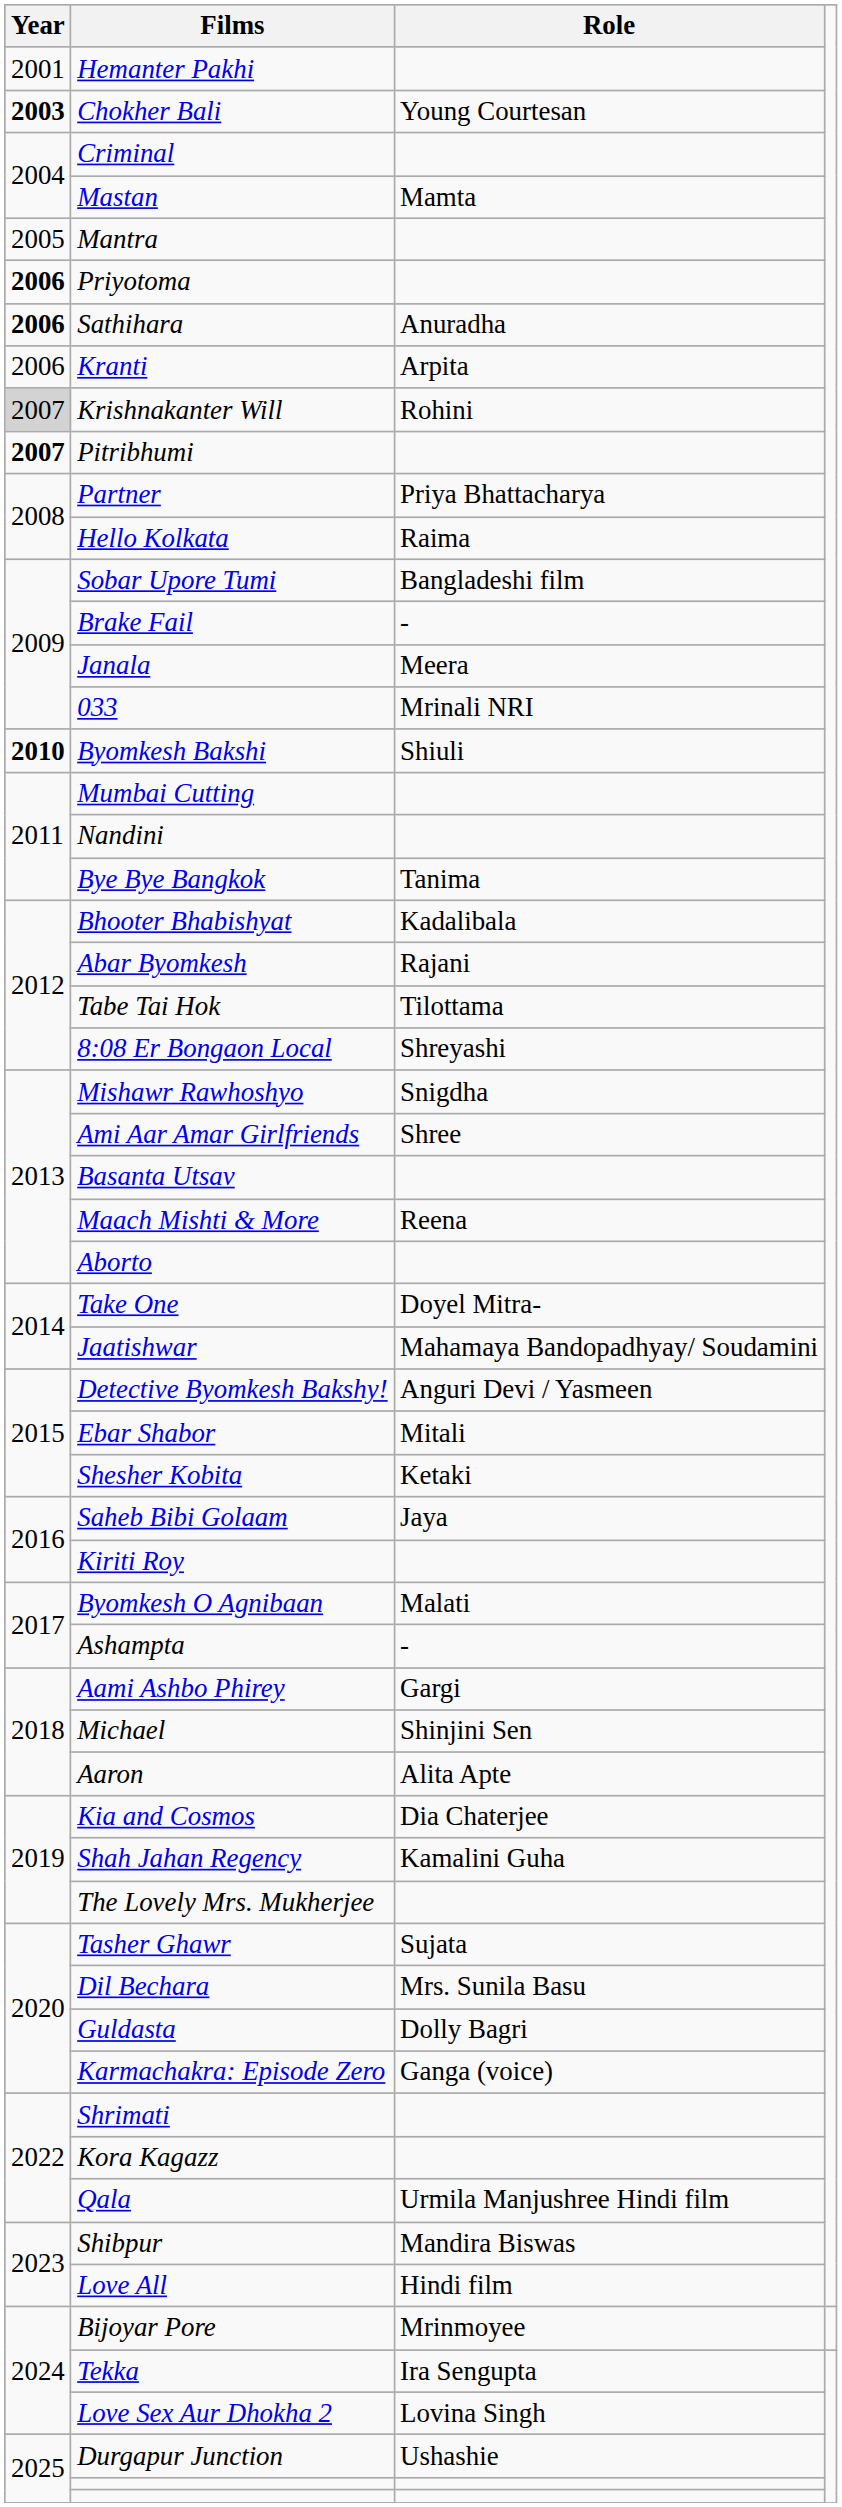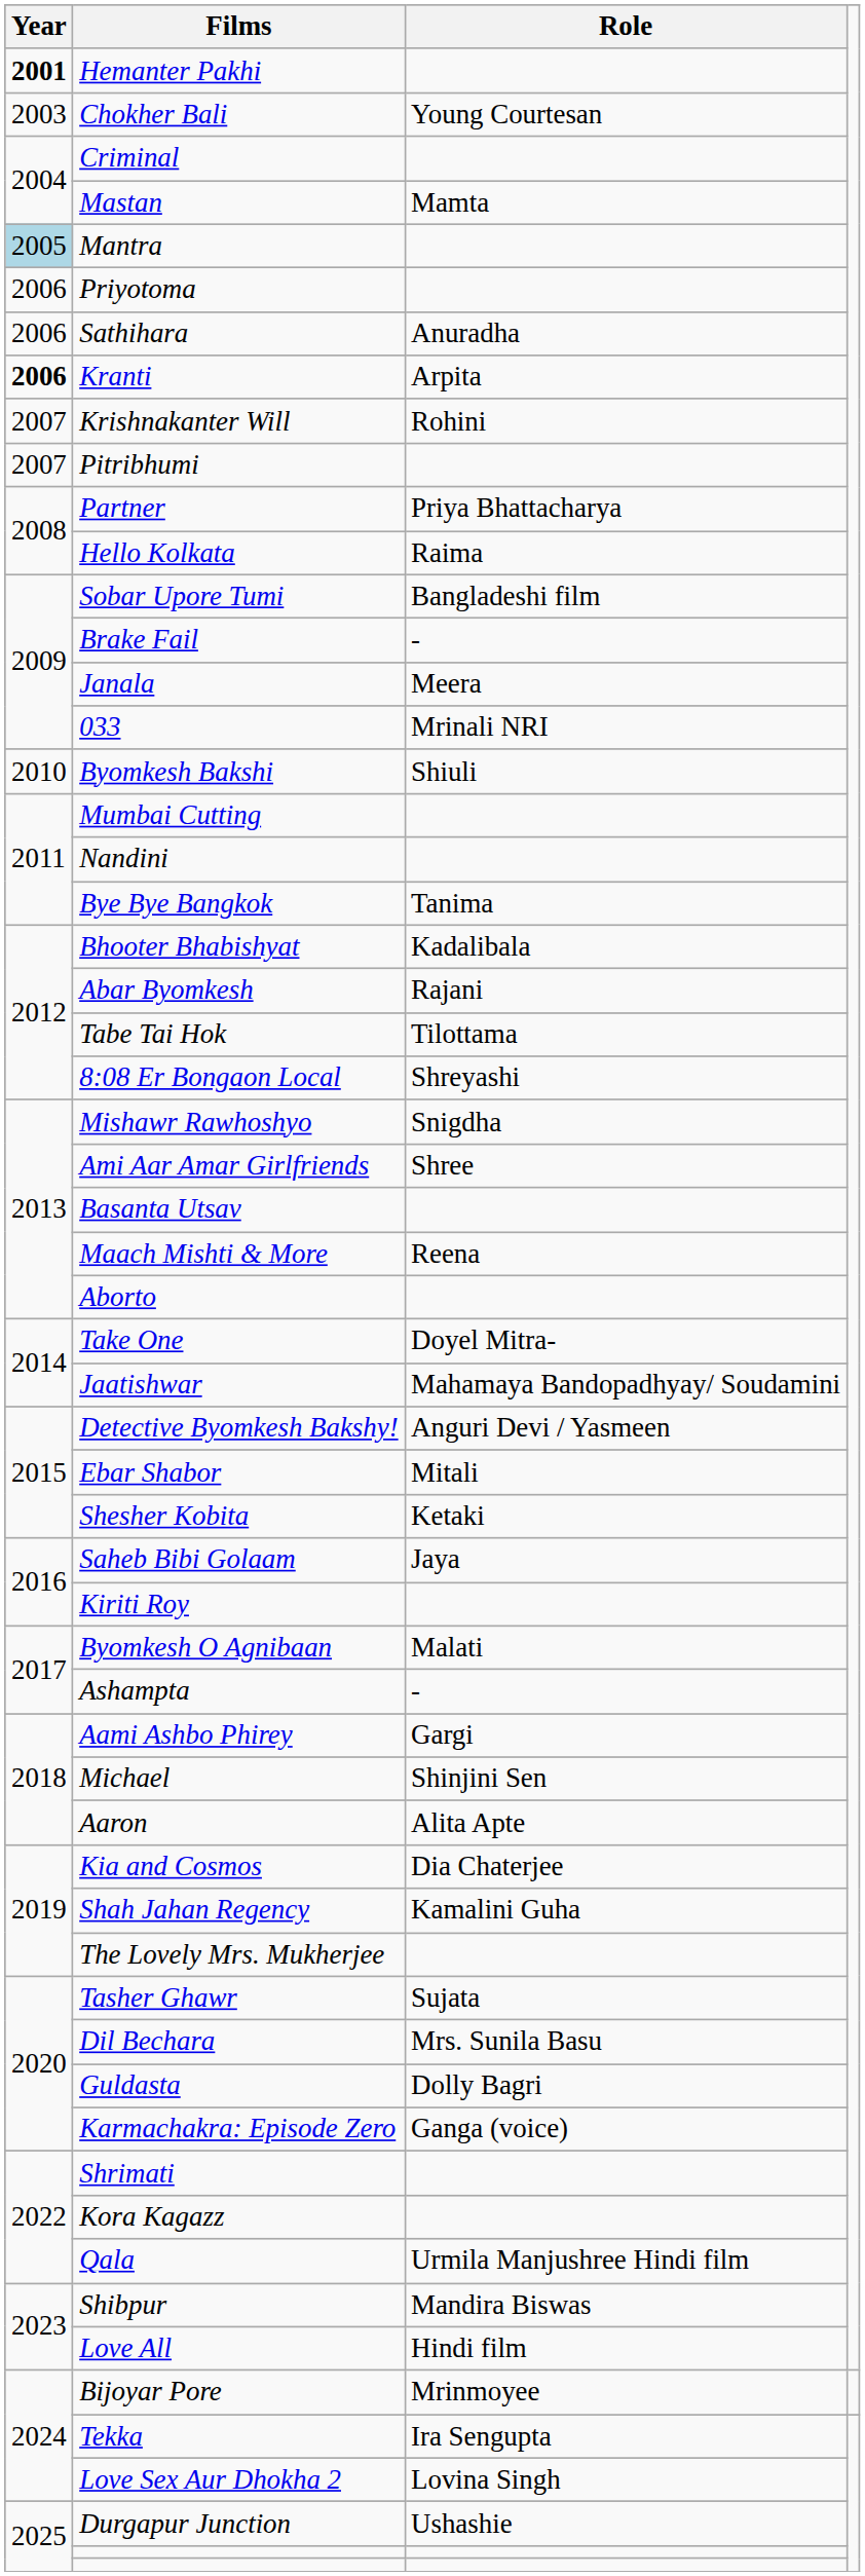 <table class="wikitable sortable">
 <tr>
 <th>Year</th>
 <th>Films</th>
 <th>Role</th>
 </tr>
 <tr>
-<td>2001</td>
+<td><strong>2001</strong></td>
 <td><em><a href='#'>Hemanter Pakhi</a></em></td>
 <td></td>
 </tr>
 <tr>
-<td rowspan="1"><strong>2003</strong></td>
+<td rowspan="1">2003</td>
 <td><em><a href='#'>Chokher Bali</a></em></td>
 <td>Young Courtesan</td>
 </tr>
 <tr>
 <td rowspan="2">2004</td>
 <td><em><a href='#'>Criminal</a></em></td>
 <td></td>
 </tr>
 <tr>
 <td><em><a href='#'>Mastan</a></em></td>
 <td>Mamta</td>
 </tr>
 <tr>
-<td rowspan="1">2005</td>
+<td rowspan="1" style="background: lightblue;">2005</td>
 <td><em>Mantra</em></td>
 <td></td>
 </tr>
 <tr>
-<td><strong>2006</strong></td>
+<td>2006</td>
 <td><em>Priyotoma</em></td>
 <td></td>
 </tr>
 <tr>
-<td><strong>2006</strong></td>
+<td>2006</td>
 <td><em>Sathihara</em></td>
 <td>Anuradha</td>
 </tr>
 <tr>
-<td>2006</td>
+<td><strong>2006</strong></td>
 <td><em><a href='#'>Kranti</a></em></td>
 <td>Arpita</td>
 </tr>
 <tr>
-<td style="background: lightgrey;">2007</td>
+<td>2007</td>
 <td><em>Krishnakanter Will</em></td>
 <td>Rohini</td>
 </tr>
 <tr>
-<td><strong>2007</strong></td>
+<td>2007</td>
 <td><em>Pitribhumi</em></td>
 <td></td>
 </tr>
 <tr>
 <td rowspan="2">2008</td>
 <td><em><a href='#'>Partner</a></em></td>
 <td>Priya Bhattacharya</td>
 </tr>
 <tr>
 <td><em><a href='#'>Hello Kolkata</a></em></td>
 <td>Raima</td>
 </tr>
 <tr>
 <td rowspan="4">2009</td>
 <td><em><a href='#'>Sobar Upore Tumi</a></em></td>
 <td>Bangladeshi film</td>
 </tr>
 <tr>
 <td><em><a href='#'>Brake Fail</a></em></td>
 <td>-</td>
 </tr>
 <tr>
 <td><em><a href='#'>Janala</a></em></td>
 <td>Meera</td>
 </tr>
 <tr>
 <td><em><a href='#'>033</a></em></td>
 <td>Mrinali NRI</td>
 </tr>
 <tr>
-<td><strong>2010</strong></td>
+<td>2010</td>
 <td><em><a href='#'>Byomkesh Bakshi</a></em></td>
 <td>Shiuli</td>
 </tr>
 <tr>
 <td rowspan="3">2011</td>
 <td><em><a href='#'>Mumbai Cutting</a></em></td>
 <td></td>
 </tr>
 <tr>
 <td><em>Nandini</em></td>
 <td></td>
 </tr>
 <tr>
 <td><em><a href='#'>Bye Bye Bangkok</a></em></td>
 <td>Tanima</td>
 </tr>
 <tr>
 <td rowspan="4">2012</td>
 <td><em><a href='#'>Bhooter Bhabishyat</a></em></td>
 <td>Kadalibala</td>
 </tr>
 <tr>
 <td><em><a href='#'>Abar Byomkesh</a></em></td>
 <td>Rajani</td>
 </tr>
 <tr>
 <td><em>Tabe Tai Hok</em></td>
 <td>Tilottama</td>
 </tr>
 <tr>
 <td><a href='#'><em>8:08 Er Bongaon Local</em></a></td>
 <td>Shreyashi</td>
 </tr>
 <tr>
 <td rowspan="5">2013</td>
 <td><em><a href='#'>Mishawr Rawhoshyo</a></em></td>
 <td>Snigdha</td>
 </tr>
 <tr>
 <td><em><a href='#'>Ami Aar Amar Girlfriends</a></em></td>
 <td>Shree</td>
 </tr>
 <tr>
 <td><em><a href='#'>Basanta Utsav</a></em></td>
 <td></td>
 </tr>
 <tr>
 <td><em><a href='#'>Maach Mishti & More</a></em></td>
 <td>Reena</td>
 </tr>
 <tr>
 <td><em><a href='#'>Aborto</a></em></td>
 <td></td>
 </tr>
 <tr>
 <td rowspan="2">2014</td>
 <td><em><a href='#'>Take One</a></em></td>
 <td>Doyel Mitra-</td>
 </tr>
 <tr>
 <td><em><a href='#'>Jaatishwar</a></em></td>
 <td>Mahamaya Bandopadhyay/ Soudamini</td>
 </tr>
 <tr>
 <td rowspan="3">2015</td>
 <td><em><a href='#'>Detective Byomkesh Bakshy!</a></em></td>
 <td>Anguri Devi / Yasmeen</td>
 </tr>
 <tr>
 <td><em><a href='#'>Ebar Shabor</a></em></td>
 <td>Mitali</td>
 </tr>
 <tr>
 <td><em><a href='#'>Shesher Kobita</a></em></td>
 <td>Ketaki</td>
 </tr>
 <tr>
 <td rowspan="2">2016</td>
 <td><em><a href='#'>Saheb Bibi Golaam</a></em></td>
 <td>Jaya</td>
 </tr>
 <tr>
 <td><em><a href='#'>Kiriti Roy</a></em></td>
 <td></td>
 </tr>
 <tr>
 <td rowspan="2">2017</td>
 <td><em><a href='#'>Byomkesh O Agnibaan</a></em></td>
 <td>Malati</td>
 </tr>
 <tr>
 <td><em>Ashampta</em></td>
 <td>-</td>
 </tr>
 <tr>
 <td rowspan="3">2018</td>
 <td><em><a href='#'>Aami Ashbo Phirey</a></em></td>
 <td>Gargi</td>
 </tr>
 <tr>
 <td><em>Michael</em></td>
 <td>Shinjini Sen</td>
 </tr>
 <tr>
 <td><em>Aaron</em></td>
 <td>Alita Apte</td>
 </tr>
 <tr>
 <td rowspan="3">2019</td>
 <td><em><a href='#'>Kia and Cosmos</a></em></td>
 <td>Dia Chaterjee</td>
 </tr>
 <tr>
 <td><em><a href='#'>Shah Jahan Regency</a></em></td>
 <td>Kamalini Guha</td>
 </tr>
 <tr>
 <td><em>The Lovely Mrs. Mukherjee</em></td>
 <td></td>
 </tr>
 <tr>
 <td rowspan="4">2020</td>
 <td><em><a href='#'>Tasher Ghawr</a></em></td>
 <td>Sujata</td>
 </tr>
 <tr>
 <td><em><a href='#'>Dil Bechara</a></em></td>
 <td>Mrs. Sunila Basu</td>
 </tr>
 <tr>
 <td><em><a href='#'>Guldasta</a></em></td>
 <td>Dolly Bagri</td>
 </tr>
 <tr>
 <td><a href='#'><em>Karmachakra: Episode Zero</em></a></td>
 <td>Ganga (voice)</td>
 </tr>
 <tr>
 <td rowspan="3">2022</td>
 <td><em><a href='#'>Shrimati</a></em></td>
 <td></td>
 </tr>
 <tr>
 <td><em>Kora Kagazz</em></td>
 <td></td>
 </tr>
 <tr>
 <td><em><a href='#'>Qala</a></em></td>
 <td>Urmila Manjushree Hindi film</td>
 </tr>
 <tr>
 <td rowspan="2">2023</td>
 <td><em>Shibpur</em></td>
 <td>Mandira Biswas</td>
 </tr>
 <tr>
 <td><em><a href='#'>Love All</a></em></td>
 <td>Hindi film</td>
 </tr>
 <tr>
 <td rowspan="3">2024</td>
 <td><em>Bijoyar Pore</em></td>
 <td>Mrinmoyee</td>
 <td></td>
 </tr>
 <tr>
 <td><em><a href='#'>Tekka</a></em></td>
 <td>Ira Sengupta</td>
 </tr>
 <tr>
 <td><em><a href='#'>Love Sex Aur Dhokha 2</a></em></td>
 <td>Lovina Singh</td>
 </tr>
 <tr>
 <td rowspan="3">2025</td>
 <td><em>Durgapur Junction</em></td>
 <td>Ushashie</td>
 </tr>
 <tr>
 <td></td>
 <td></td>
 </tr>
 <tr>
 <td></td>
 <td></td>
 </tr>
 <tr>
 </tr>
 </table>
